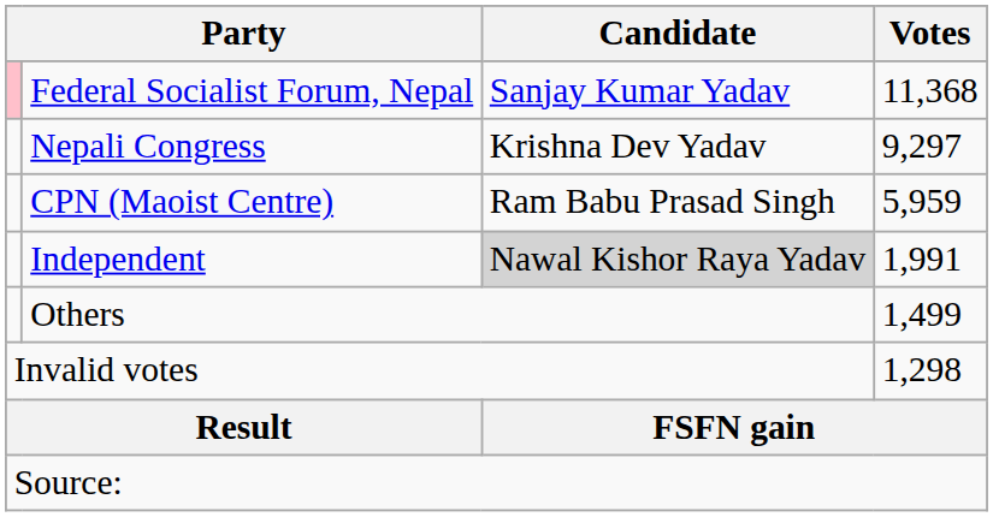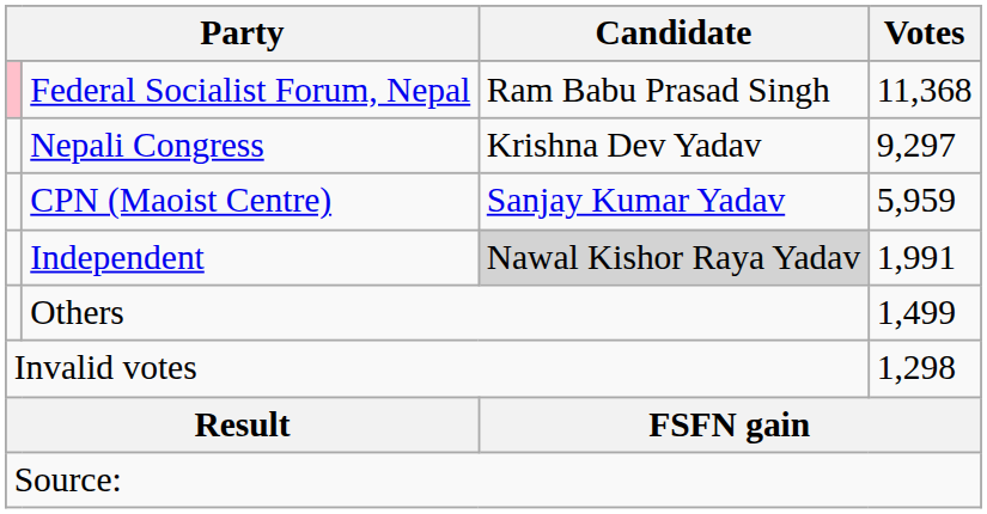 <table class="wikitable">
 <tr>
 <th colspan="2">Party</th>
 <th>Candidate</th>
 <th>Votes</th>
 </tr>
 <tr>
 <td style="background-color:pink"></td>
 <td><a href='#'>Federal Socialist Forum, Nepal</a></td>
-<td><a href='#'>Sanjay Kumar Yadav</a></td>
+<td>Ram Babu Prasad Singh</td>
 <td>11,368</td>
 </tr>
 <tr>
 <td style="background-color:"></td>
 <td><a href='#'>Nepali Congress</a></td>
 <td>Krishna Dev Yadav</td>
 <td>9,297</td>
 </tr>
 <tr>
 <td style="background-color:"></td>
 <td><a href='#'>CPN (Maoist Centre)</a></td>
-<td>Ram Babu Prasad Singh</td>
+<td><a href='#'>Sanjay Kumar Yadav</a></td>
 <td>5,959</td>
 </tr>
 <tr>
 <td style="background-color:"></td>
 <td><a href='#'>Independent</a></td>
 <td style="background: lightgrey;">Nawal Kishor Raya Yadav</td>
 <td>1,991</td>
 </tr>
 <tr>
 <td></td>
 <td colspan="2">Others</td>
 <td>1,499</td>
 </tr>
 <tr>
 <td colspan="3">Invalid votes</td>
 <td>1,298</td>
 </tr>
 <tr>
 <th colspan="2">Result</th>
 <th colspan="2">FSFN gain</th>
 </tr>
 <tr>
 <td colspan="4">Source: </td>
 </tr>
 </table>
